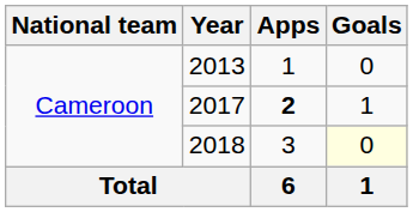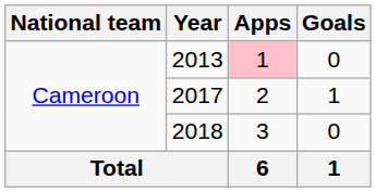 <table class="wikitable" style="text-align:center">
 <tr>
 <th>National team</th>
 <th>Year</th>
 <th>Apps</th>
 <th>Goals</th>
 </tr>
 <tr>
 <td rowspan="3"><a href='#'>Cameroon</a></td>
 <td>2013</td>
-<td>1</td>
+<td style="background: pink;">1</td>
 <td>0</td>
 </tr>
 <tr>
 <td>2017</td>
-<td><strong>2</strong></td>
+<td>2</td>
 <td>1</td>
 </tr>
 <tr>
 <td>2018</td>
 <td>3</td>
-<td style="background: lightyellow;">0</td>
+<td>0</td>
 </tr>
 <tr>
 <th colspan=2>Total</th>
 <th>6</th>
 <th>1</th>
 </tr>
 </table>
